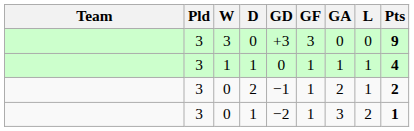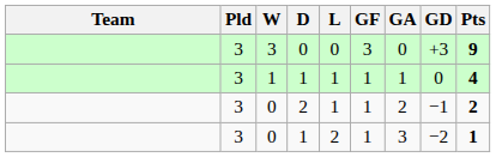 <table class="wikitable" style="text-align:center;">
 <tr>
 <th width=180>Team</th>
 <th width=20>Pld</th>
 <th width=20>W</th>
 <th width=20>D</th>
-<th width=20>GD</th>
+<th width=20>L</th>
 <th width=20>GF</th>
 <th width=20>GA</th>
-<th width=20>L</th>
+<th width=20>GD</th>
 <th width=20>Pts</th>
 </tr>
 <tr bgcolor=ccffcc>
 <td align="left"></td>
 <td>3</td>
 <td>3</td>
 <td>0</td>
-<td>+3</td>
+<td>0</td>
 <td>3</td>
 <td>0</td>
-<td>0</td>
+<td>+3</td>
 <td><strong>9</strong></td>
 </tr>
 <tr bgcolor=ccffcc>
 <td align="left"></td>
 <td>3</td>
 <td>1</td>
 <td>1</td>
-<td>0</td>
 <td>1</td>
 <td>1</td>
 <td>1</td>
+<td>0</td>
 <td><strong>4</strong></td>
 </tr>
 <tr>
 <td align="left"></td>
 <td>3</td>
 <td>0</td>
 <td>2</td>
-<td>−1</td>
+<td>1</td>
 <td>1</td>
 <td>2</td>
-<td>1</td>
+<td>−1</td>
 <td><strong>2</strong></td>
 </tr>
 <tr>
 <td align="left"></td>
 <td>3</td>
 <td>0</td>
 <td>1</td>
-<td>−2</td>
+<td>2</td>
 <td>1</td>
 <td>3</td>
-<td>2</td>
+<td>−2</td>
 <td><strong>1</strong></td>
 </tr>
 </table>
